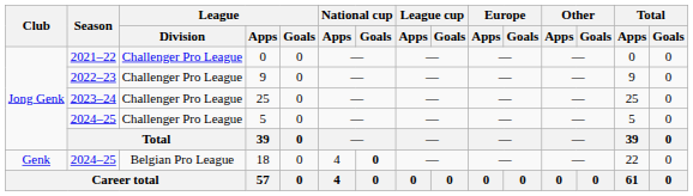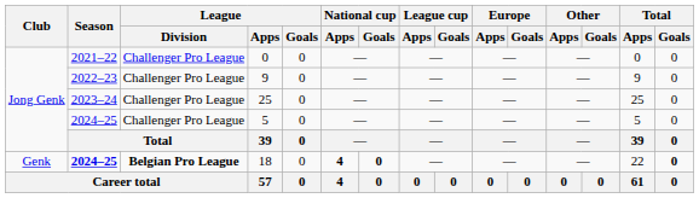 <table class="wikitable" style="text-align: center">
 <tr>
 <th rowspan="2">Club</th>
 <th rowspan="2">Season</th>
 <th colspan="3">League</th>
 <th colspan="2">National cup</th>
 <th colspan="2">League cup</th>
 <th colspan="2">Europe</th>
 <th colspan="2">Other</th>
 <th colspan="2">Total</th>
 </tr>
 <tr>
 <th>Division</th>
 <th>Apps</th>
 <th>Goals</th>
 <th>Apps</th>
 <th>Goals</th>
 <th>Apps</th>
 <th>Goals</th>
 <th>Apps</th>
 <th>Goals</th>
 <th>Apps</th>
 <th>Goals</th>
 <th>Apps</th>
 <th>Goals</th>
 </tr>
 <tr>
 <td rowspan="5"><a href='#'>Jong Genk</a></td>
 <td><a href='#'>2021–22</a></td>
 <td><a href='#'>Challenger Pro League</a></td>
 <td>0</td>
 <td>0</td>
 <td colspan="2">—</td>
 <td colspan="2">—</td>
 <td colspan="2">—</td>
 <td colspan="2">—</td>
 <td>0</td>
 <td>0</td>
 </tr>
 <tr>
 <td><a href='#'>2022–23</a></td>
 <td>Challenger Pro League</td>
 <td>9</td>
 <td>0</td>
 <td colspan="2">—</td>
 <td colspan="2">—</td>
 <td colspan="2">—</td>
 <td colspan="2">—</td>
 <td>9</td>
 <td>0</td>
 </tr>
 <tr>
 <td><a href='#'>2023–24</a></td>
 <td>Challenger Pro League</td>
 <td>25</td>
 <td>0</td>
 <td colspan="2">—</td>
 <td colspan="2">—</td>
 <td colspan="2">—</td>
 <td colspan="2">—</td>
 <td>25</td>
 <td>0</td>
 </tr>
 <tr>
 <td><a href='#'>2024–25</a></td>
 <td>Challenger Pro League</td>
 <td>5</td>
 <td>0</td>
 <td colspan="2">—</td>
 <td colspan="2">—</td>
 <td colspan="2">—</td>
 <td colspan="2">—</td>
 <td>5</td>
 <td>0</td>
 </tr>
 <tr>
 <th colspan="2">Total</th>
 <th>39</th>
 <th>0</th>
 <th colspan="2">—</th>
 <th colspan="2">—</th>
 <th colspan="2">—</th>
 <th colspan="2">—</th>
 <th>39</th>
 <th>0</th>
 </tr>
 <tr>
 <td><a href='#'>Genk</a></td>
-<td><a href='#'>2024–25</a></td>
-<td>Belgian Pro League</td>
+<td><strong><a href='#'>2024–25</a></strong></td>
+<td><strong>Belgian Pro League</strong></td>
 <td>18</td>
 <td>0</td>
-<td>4</td>
+<td><strong>4</strong></td>
 <td><strong>0</strong></td>
 <td colspan="2">—</td>
 <td colspan="2">—</td>
 <td colspan="2">—</td>
 <td>22</td>
-<td>0</td>
+<td><strong>0</strong></td>
 </tr>
 <tr>
 <th colspan="3">Career total</th>
 <th>57</th>
 <th>0</th>
 <th>4</th>
 <th>0</th>
 <th>0</th>
 <th>0</th>
 <th>0</th>
 <th>0</th>
 <th>0</th>
 <th>0</th>
 <th>61</th>
 <th>0</th>
 </tr>
 </table>
